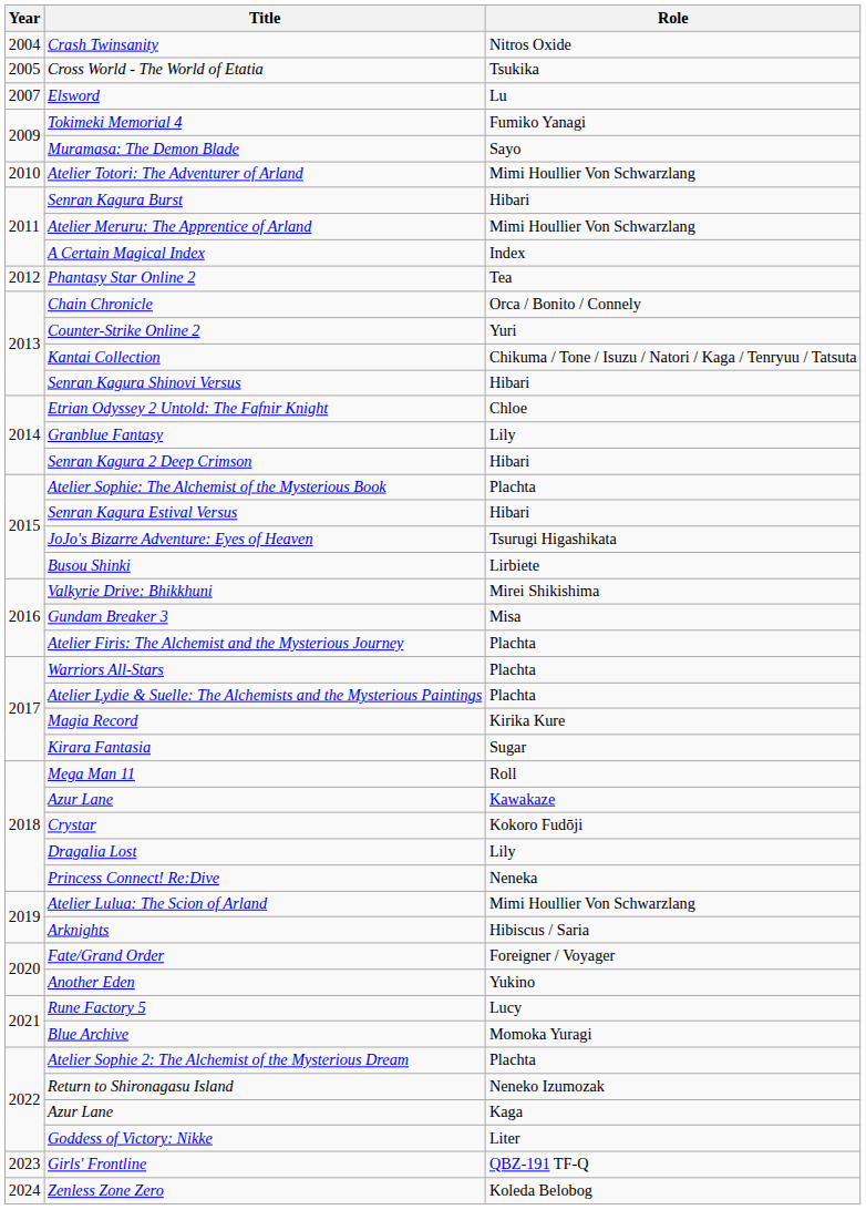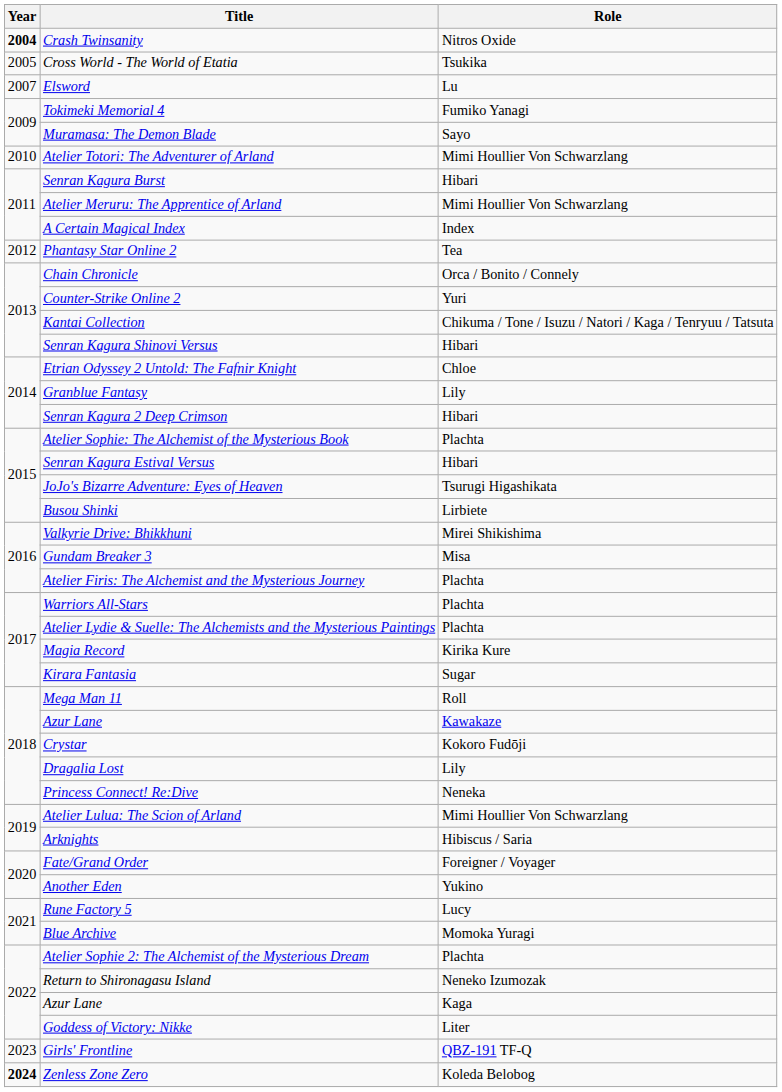 <table class="wikitable" style="font-size: 90%;">
 <tr>
 <th>Year</th>
 <th>Title</th>
 <th>Role</th>
 </tr>
 <tr>
-<td>2004</td>
+<td><strong>2004</strong></td>
 <td><em><a href='#'>Crash Twinsanity</a></em></td>
 <td>Nitros Oxide</td>
 </tr>
 <tr>
 <td>2005</td>
 <td><em>Cross World - The World of Etatia</em></td>
 <td>Tsukika</td>
 </tr>
 <tr>
 <td>2007</td>
 <td><em><a href='#'>Elsword</a></em></td>
 <td>Lu</td>
 </tr>
 <tr>
 <td rowspan="2">2009</td>
 <td><em><a href='#'>Tokimeki Memorial 4</a></em></td>
 <td>Fumiko Yanagi</td>
 </tr>
 <tr>
 <td><em><a href='#'>Muramasa: The Demon Blade</a></em></td>
 <td>Sayo</td>
 </tr>
 <tr>
 <td>2010</td>
 <td><em><a href='#'>Atelier Totori: The Adventurer of Arland</a></em></td>
 <td>Mimi Houllier Von Schwarzlang</td>
 </tr>
 <tr>
 <td rowspan="3">2011</td>
 <td><em><a href='#'>Senran Kagura Burst</a></em></td>
 <td>Hibari</td>
 </tr>
 <tr>
 <td><em><a href='#'>Atelier Meruru: The Apprentice of Arland</a></em></td>
 <td>Mimi Houllier Von Schwarzlang</td>
 </tr>
 <tr>
 <td><em><a href='#'>A Certain Magical Index</a></em></td>
 <td>Index</td>
 </tr>
 <tr>
 <td>2012</td>
 <td><em><a href='#'>Phantasy Star Online 2</a></em></td>
 <td>Tea</td>
 </tr>
 <tr>
 <td rowspan="4">2013</td>
 <td><em><a href='#'>Chain Chronicle</a></em></td>
 <td>Orca / Bonito / Connely</td>
 </tr>
 <tr>
 <td><em><a href='#'>Counter-Strike Online 2</a></em></td>
 <td>Yuri</td>
 </tr>
 <tr>
 <td><em><a href='#'>Kantai Collection</a></em></td>
 <td>Chikuma / Tone / Isuzu / Natori / Kaga / Tenryuu / Tatsuta</td>
 </tr>
 <tr>
 <td><em><a href='#'>Senran Kagura Shinovi Versus</a></em></td>
 <td>Hibari</td>
 </tr>
 <tr>
 <td rowspan="3">2014</td>
 <td><em><a href='#'>Etrian Odyssey 2 Untold: The Fafnir Knight</a></em></td>
 <td>Chloe</td>
 </tr>
 <tr>
 <td><em><a href='#'>Granblue Fantasy</a></em></td>
 <td>Lily</td>
 </tr>
 <tr>
 <td><em><a href='#'>Senran Kagura 2 Deep Crimson</a></em></td>
 <td>Hibari</td>
 </tr>
 <tr>
 <td rowspan="4">2015</td>
 <td><em><a href='#'>Atelier Sophie: The Alchemist of the Mysterious Book</a></em></td>
 <td>Plachta</td>
 </tr>
 <tr>
 <td><em><a href='#'>Senran Kagura Estival Versus</a></em></td>
 <td>Hibari</td>
 </tr>
 <tr>
 <td><em><a href='#'>JoJo's Bizarre Adventure: Eyes of Heaven</a></em></td>
 <td>Tsurugi Higashikata</td>
 </tr>
 <tr>
 <td><em><a href='#'>Busou Shinki</a></em></td>
 <td>Lirbiete</td>
 </tr>
 <tr>
 <td rowspan="3">2016</td>
 <td><em><a href='#'>Valkyrie Drive: Bhikkhuni</a></em></td>
 <td>Mirei Shikishima</td>
 </tr>
 <tr>
 <td><em><a href='#'>Gundam Breaker 3</a></em></td>
 <td>Misa</td>
 </tr>
 <tr>
 <td><em><a href='#'>Atelier Firis: The Alchemist and the Mysterious Journey</a></em></td>
 <td>Plachta</td>
 </tr>
 <tr>
 <td rowspan="4">2017</td>
 <td><em><a href='#'>Warriors All-Stars</a></em></td>
 <td>Plachta</td>
 </tr>
 <tr>
 <td><em><a href='#'>Atelier Lydie & Suelle: The Alchemists and the Mysterious Paintings</a></em></td>
 <td>Plachta</td>
 </tr>
 <tr>
 <td><em><a href='#'>Magia Record</a></em></td>
 <td>Kirika Kure</td>
 </tr>
 <tr>
 <td><em><a href='#'>Kirara Fantasia</a></em></td>
 <td>Sugar</td>
 </tr>
 <tr>
 <td rowspan="5">2018</td>
 <td><em><a href='#'>Mega Man 11</a></em></td>
 <td>Roll</td>
 </tr>
 <tr>
 <td><em><a href='#'>Azur Lane</a></em></td>
 <td><a href='#'>Kawakaze</a></td>
 </tr>
 <tr>
 <td><em><a href='#'>Crystar</a></em></td>
 <td>Kokoro Fudōji</td>
 </tr>
 <tr>
 <td><em><a href='#'>Dragalia Lost</a></em></td>
 <td>Lily</td>
 </tr>
 <tr>
 <td><em><a href='#'>Princess Connect! Re:Dive</a></em></td>
 <td>Neneka</td>
 </tr>
 <tr>
 <td rowspan="2">2019</td>
 <td><em><a href='#'>Atelier Lulua: The Scion of Arland</a></em></td>
 <td>Mimi Houllier Von Schwarzlang</td>
 </tr>
 <tr>
 <td><em><a href='#'>Arknights</a></em></td>
 <td>Hibiscus / Saria</td>
 </tr>
 <tr>
 <td rowspan="2">2020</td>
 <td><em><a href='#'>Fate/Grand Order</a></em></td>
 <td>Foreigner / Voyager</td>
 </tr>
 <tr>
 <td><em><a href='#'>Another Eden</a></em></td>
 <td>Yukino</td>
 </tr>
 <tr>
 <td rowspan="2">2021</td>
 <td><em><a href='#'>Rune Factory 5</a></em></td>
 <td>Lucy</td>
 </tr>
 <tr>
 <td><em><a href='#'>Blue Archive</a></em></td>
 <td>Momoka Yuragi</td>
 </tr>
 <tr>
 <td rowspan="4">2022</td>
 <td><em><a href='#'>Atelier Sophie 2: The Alchemist of the Mysterious Dream</a></em></td>
 <td>Plachta</td>
 </tr>
 <tr>
 <td><em>Return to Shironagasu Island</em></td>
 <td>Neneko Izumozak</td>
 </tr>
 <tr>
 <td><em>Azur Lane</em></td>
 <td>Kaga</td>
 </tr>
 <tr>
 <td><em><a href='#'>Goddess of Victory: Nikke</a></em></td>
 <td>Liter</td>
 </tr>
 <tr>
 <td>2023</td>
 <td><em><a href='#'>Girls' Frontline</a></em></td>
 <td><a href='#'>QBZ-191</a> TF-Q</td>
 </tr>
 <tr>
-<td>2024</td>
+<td><strong>2024</strong></td>
 <td><em><a href='#'>Zenless Zone Zero</a></em></td>
 <td>Koleda Belobog</td>
 </tr>
 </table>
